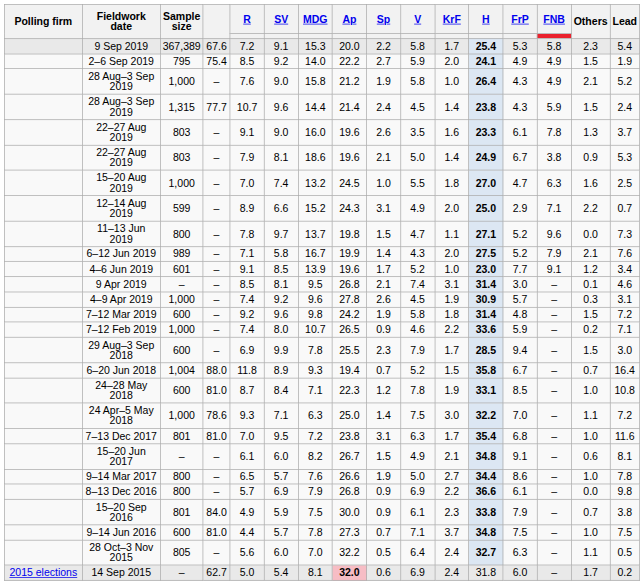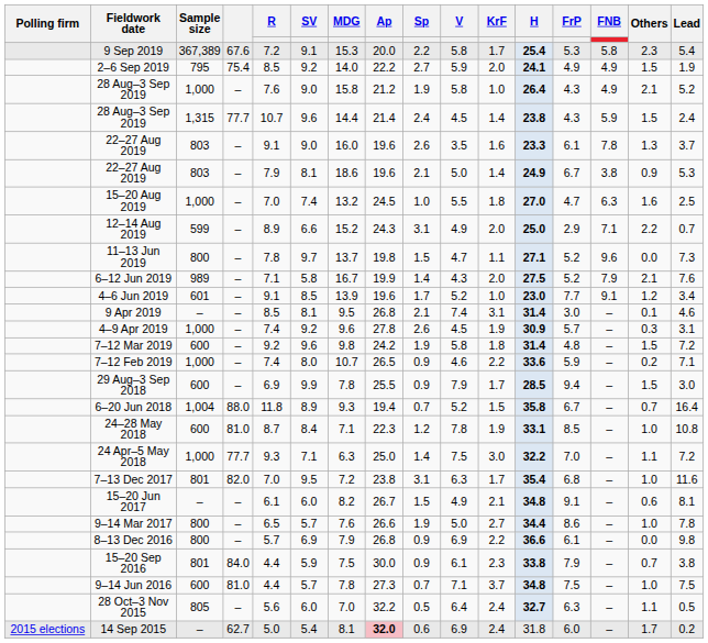 <table class="wikitable sortable" style="text-align:center;font-size:90%;line-height:14px;">
 <tr style="height:40px;">
 <th style="width:100px;" rowspan="2">Polling firm</th>
 <th style="width:100px;" rowspan="2">Fieldwork date</th>
 <th style="width:35px;" rowspan="2">Sample<br>size</th>
 <th style="width:30px;" rowspan="2"></th>
 <th class="unsortable" style="width:40px;"><a href='#'>R</a></th>
 <th class="unsortable" style="width:40px;"><a href='#'>SV</a></th>
 <th class="unsortable" style="width:40px;"><a href='#'>MDG</a></th>
 <th class="unsortable" style="width:40px;"><a href='#'>Ap</a></th>
 <th class="unsortable" style="width:40px;"><a href='#'>Sp</a></th>
 <th class="unsortable" style="width:40px;"><a href='#'>V</a></th>
 <th class="unsortable" style="width:40px;"><a href='#'>KrF</a></th>
 <th class="unsortable" style="width:40px;"><a href='#'>H</a></th>
 <th class="unsortable" style="width:40px;"><a href='#'>FrP</a></th>
 <th class="unsortable" style="width:40px;"><a href='#'>FNB</a></th>
 <th class="unsortable" style="width:30px;" rowspan="2">Others</th>
 <th style="width:30px;" rowspan="2">Lead</th>
 </tr>
 <tr>
 <th style="background:"></th>
 <th style="background:"></th>
 <th style="background:"></th>
 <th style="background:"></th>
 <th style="background:"></th>
 <th style="background:"></th>
 <th style="background:"></th>
 <th style="background:"></th>
 <th style="background:"></th>
 <th style="background:#EA212D;"></th>
 </tr>
 <tr style="background:#E9E9E9;">
 <td></td>
 <td data-sort-value="2019-09-09">9 Sep 2019</td>
 <td>367,389</td>
 <td>67.6</td>
 <td>7.2</td>
 <td>9.1</td>
 <td>15.3</td>
 <td>20.0</td>
 <td>2.2</td>
 <td>5.8</td>
 <td>1.7</td>
 <td style="background:#DCE7F3;"><strong>25.4</strong></td>
 <td>5.3</td>
 <td>5.8</td>
 <td>2.3</td>
 <td style="background:">5.4</td>
 </tr>
 <tr>
 <td></td>
 <td data-sort-value="2019-09-07">2–6 Sep 2019</td>
 <td>795</td>
 <td>75.4</td>
 <td>8.5</td>
 <td>9.2</td>
 <td>14.0</td>
 <td>22.2</td>
 <td>2.7</td>
 <td>5.9</td>
 <td>2.0</td>
 <td style="background:#DCE7F3;"><strong>24.1</strong></td>
 <td>4.9</td>
 <td>4.9</td>
 <td>1.5</td>
 <td style="background:">1.9</td>
 </tr>
 <tr>
 <td></td>
 <td data-sort-value="2019-09-05">28 Aug–3 Sep 2019</td>
 <td>1,000</td>
 <td>–</td>
 <td>7.6</td>
 <td>9.0</td>
 <td>15.8</td>
 <td>21.2</td>
 <td>1.9</td>
 <td>5.8</td>
 <td>1.0</td>
 <td style="background:#DCE7F3;"><strong>26.4</strong></td>
 <td>4.3</td>
 <td>4.9</td>
 <td>2.1</td>
 <td style="background:">5.2</td>
 </tr>
 <tr>
 <td></td>
 <td data-sort-value="2019-09-04">28 Aug–3 Sep 2019</td>
 <td>1,315</td>
 <td>77.7</td>
 <td>10.7</td>
 <td>9.6</td>
 <td>14.4</td>
 <td>21.4</td>
 <td>2.4</td>
 <td>4.5</td>
 <td>1.4</td>
 <td style="background:#DCE7F3;"><strong>23.8</strong></td>
 <td>4.3</td>
 <td>5.9</td>
 <td>1.5</td>
 <td style="background:">2.4</td>
 </tr>
 <tr>
 <td></td>
 <td data-sort-value="2019-08-28">22–27 Aug 2019</td>
 <td>803</td>
 <td>–</td>
 <td>9.1</td>
 <td>9.0</td>
 <td>16.0</td>
 <td>19.6</td>
 <td>2.6</td>
 <td>3.5</td>
 <td>1.6</td>
 <td style="background:#DCE7F3;"><strong>23.3</strong></td>
 <td>6.1</td>
 <td>7.8</td>
 <td>1.3</td>
 <td style="background:">3.7</td>
 </tr>
 <tr>
 <td></td>
 <td data-sort-value="2019-08-28">22–27 Aug 2019</td>
 <td>803</td>
 <td>–</td>
 <td>7.9</td>
 <td>8.1</td>
 <td>18.6</td>
 <td>19.6</td>
 <td>2.1</td>
 <td>5.0</td>
 <td>1.4</td>
 <td style="background:#DCE7F3;"><strong>24.9</strong></td>
 <td>6.7</td>
 <td>3.8</td>
 <td>0.9</td>
 <td style="background:">5.3</td>
 </tr>
 <tr>
 <td></td>
 <td data-sort-value="2019-08-23">15–20 Aug 2019</td>
 <td>1,000</td>
 <td>–</td>
 <td>7.0</td>
 <td>7.4</td>
 <td>13.2</td>
 <td>24.5</td>
 <td>1.0</td>
 <td>5.5</td>
 <td>1.8</td>
 <td style="background:#DCE7F3;"><strong>27.0</strong></td>
 <td>4.7</td>
 <td>6.3</td>
 <td>1.6</td>
 <td style="background:">2.5</td>
 </tr>
 <tr>
 <td></td>
 <td data-sort-value="2019-08-19">12–14 Aug 2019</td>
 <td>599</td>
 <td>–</td>
 <td>8.9</td>
 <td>6.6</td>
 <td>15.2</td>
 <td>24.3</td>
 <td>3.1</td>
 <td>4.9</td>
 <td>2.0</td>
 <td style="background:#DCE7F3;"><strong>25.0</strong></td>
 <td>2.9</td>
 <td>7.1</td>
 <td>2.2</td>
 <td style="background:">0.7</td>
 </tr>
 <tr>
 <td></td>
 <td data-sort-value="2019-06-13">11–13 Jun 2019</td>
 <td>800</td>
 <td>–</td>
 <td>7.8</td>
 <td>9.7</td>
 <td>13.7</td>
 <td>19.8</td>
 <td>1.5</td>
 <td>4.7</td>
 <td>1.1</td>
 <td style="background:#DCE7F3;"><strong>27.1</strong></td>
 <td>5.2</td>
 <td>9.6</td>
 <td>0.0</td>
 <td style="background:">7.3</td>
 </tr>
 <tr>
 <td></td>
 <td data-sort-value="2019-06-12">6–12 Jun 2019</td>
 <td>989</td>
 <td>–</td>
 <td>7.1</td>
 <td>5.8</td>
 <td>16.7</td>
 <td>19.9</td>
 <td>1.4</td>
 <td>4.3</td>
 <td>2.0</td>
 <td style="background:#DCE7F3;"><strong>27.5</strong></td>
 <td>5.2</td>
 <td>7.9</td>
 <td>2.1</td>
 <td style="background:">7.6</td>
 </tr>
 <tr>
 <td></td>
 <td data-sort-value="2019-06-06">4–6 Jun 2019</td>
 <td>601</td>
 <td>–</td>
 <td>9.1</td>
 <td>8.5</td>
 <td>13.9</td>
 <td>19.6</td>
 <td>1.7</td>
 <td>5.2</td>
 <td>1.0</td>
 <td style="background:#DCE7F3;"><strong>23.0</strong></td>
 <td>7.7</td>
 <td>9.1</td>
 <td>1.2</td>
 <td style="background:">3.4</td>
 </tr>
 <tr>
 <td></td>
 <td data-sort-value="2019-04-09">9 Apr 2019</td>
 <td>–</td>
 <td>–</td>
 <td>8.5</td>
 <td>8.1</td>
 <td>9.5</td>
 <td>26.8</td>
 <td>2.1</td>
 <td>7.4</td>
 <td>3.1</td>
 <td style="background:#DCE7F3;"><strong>31.4</strong></td>
 <td>3.0</td>
 <td>–</td>
 <td>0.1</td>
 <td style="background:">4.6</td>
 </tr>
 <tr>
 <td></td>
 <td data-sort-value="2019-04-09">4–9 Apr 2019</td>
 <td>1,000</td>
 <td>–</td>
 <td>7.4</td>
 <td>9.2</td>
 <td>9.6</td>
 <td>27.8</td>
 <td>2.6</td>
 <td>4.5</td>
 <td>1.9</td>
 <td style="background:#DCE7F3;"><strong>30.9</strong></td>
 <td>5.7</td>
 <td>–</td>
 <td>0.3</td>
 <td style="background:">3.1</td>
 </tr>
 <tr>
 <td></td>
 <td data-sort-value="2019-03-12">7–12 Mar 2019</td>
 <td>600</td>
 <td>–</td>
 <td>9.2</td>
 <td>9.6</td>
 <td>9.8</td>
 <td>24.2</td>
 <td>1.9</td>
 <td>5.8</td>
 <td>1.8</td>
 <td style="background:#DCE7F3;"><strong>31.4</strong></td>
 <td>4.8</td>
 <td>–</td>
 <td>1.5</td>
 <td style="background:">7.2</td>
 </tr>
 <tr>
 <td></td>
 <td data-sort-value="2019-02-12">7–12 Feb 2019</td>
 <td>1,000</td>
 <td>–</td>
 <td>7.4</td>
 <td>8.0</td>
 <td>10.7</td>
 <td>26.5</td>
 <td>0.9</td>
 <td>4.6</td>
 <td>2.2</td>
 <td style="background:#DCE7F3;"><strong>33.6</strong></td>
 <td>5.9</td>
 <td>–</td>
 <td>0.2</td>
 <td style="background:">7.1</td>
 </tr>
 <tr>
 <td></td>
 <td data-sort-value="2018-09-03">29 Aug–3 Sep 2018</td>
 <td>600</td>
 <td>–</td>
 <td>6.9</td>
 <td>9.9</td>
 <td>7.8</td>
 <td>25.5</td>
-<td>2.3</td>
+<td>0.9</td>
 <td>7.9</td>
 <td>1.7</td>
 <td style="background:#DCE7F3;"><strong>28.5</strong></td>
 <td>9.4</td>
 <td>–</td>
 <td>1.5</td>
 <td style="background:">3.0</td>
 </tr>
 <tr>
 <td></td>
 <td data-sort-value="2018-06-20">6–20 Jun 2018</td>
 <td>1,004</td>
 <td>88.0</td>
 <td>11.8</td>
 <td>8.9</td>
 <td>9.3</td>
 <td>19.4</td>
 <td>0.7</td>
 <td>5.2</td>
 <td>1.5</td>
 <td style="background:#DCE7F3;"><strong>35.8</strong></td>
 <td>6.7</td>
 <td>–</td>
 <td>0.7</td>
 <td style="background:">16.4</td>
 </tr>
 <tr>
 <td></td>
 <td data-sort-value="2018-05-28">24–28 May 2018</td>
 <td>600</td>
 <td>81.0</td>
 <td>8.7</td>
 <td>8.4</td>
 <td>7.1</td>
 <td>22.3</td>
 <td>1.2</td>
 <td>7.8</td>
 <td>1.9</td>
 <td style="background:#DCE7F3;"><strong>33.1</strong></td>
 <td>8.5</td>
 <td>–</td>
 <td>1.0</td>
 <td style="background:">10.8</td>
 </tr>
 <tr>
 <td></td>
 <td data-sort-value="2018-05-05">24 Apr–5 May 2018</td>
 <td>1,000</td>
-<td>78.6</td>
+<td>77.7</td>
 <td>9.3</td>
 <td>7.1</td>
 <td>6.3</td>
 <td>25.0</td>
 <td>1.4</td>
 <td>7.5</td>
 <td>3.0</td>
 <td style="background:#DCE7F3;"><strong>32.2</strong></td>
 <td>7.0</td>
 <td>–</td>
 <td>1.1</td>
 <td style="background:">7.2</td>
 </tr>
 <tr>
 <td></td>
 <td data-sort-value="2017-12-13">7–13 Dec 2017</td>
 <td>801</td>
-<td>81.0</td>
+<td>82.0</td>
 <td>7.0</td>
 <td>9.5</td>
 <td>7.2</td>
 <td>23.8</td>
 <td>3.1</td>
 <td>6.3</td>
 <td>1.7</td>
 <td style="background:#DCE7F3;"><strong>35.4</strong></td>
 <td>6.8</td>
 <td>–</td>
 <td>1.0</td>
 <td style="background:">11.6</td>
 </tr>
 <tr>
 <td></td>
 <td data-sort-value="2017-06-20">15–20 Jun 2017</td>
 <td>–</td>
 <td>–</td>
 <td>6.1</td>
 <td>6.0</td>
 <td>8.2</td>
 <td>26.7</td>
 <td>1.5</td>
 <td>4.9</td>
 <td>2.1</td>
 <td style="background:#DCE7F3;"><strong>34.8</strong></td>
 <td>9.1</td>
 <td>–</td>
 <td>0.6</td>
 <td style="background:">8.1</td>
 </tr>
 <tr>
 <td></td>
 <td data-sort-value="2017-03-14">9–14 Mar 2017</td>
 <td>800</td>
 <td>–</td>
 <td>6.5</td>
 <td>5.7</td>
 <td>7.6</td>
 <td>26.6</td>
 <td>1.9</td>
 <td>5.0</td>
 <td>2.7</td>
 <td style="background:#DCE7F3;"><strong>34.4</strong></td>
 <td>8.6</td>
 <td>–</td>
 <td>1.0</td>
 <td style="background:">7.8</td>
 </tr>
 <tr>
 <td></td>
 <td data-sort-value="2016-12-13">8–13 Dec 2016</td>
 <td>800</td>
 <td>–</td>
 <td>5.7</td>
 <td>6.9</td>
 <td>7.9</td>
 <td>26.8</td>
 <td>0.9</td>
 <td>6.9</td>
 <td>2.2</td>
 <td style="background:#DCE7F3;"><strong>36.6</strong></td>
 <td>6.1</td>
 <td>–</td>
 <td>0.0</td>
 <td style="background:">9.8</td>
 </tr>
 <tr>
 <td></td>
 <td data-sort-value="2016-09-20">15–20 Sep 2016</td>
 <td>801</td>
 <td>84.0</td>
-<td>4.9</td>
+<td>4.4</td>
 <td>5.9</td>
 <td>7.5</td>
 <td>30.0</td>
 <td>0.9</td>
 <td>6.1</td>
 <td>2.3</td>
 <td style="background:#DCE7F3;"><strong>33.8</strong></td>
 <td>7.9</td>
 <td>–</td>
 <td>0.7</td>
 <td style="background:">3.8</td>
 </tr>
 <tr>
 <td></td>
 <td data-sort-value="2016-06-14">9–14 Jun 2016</td>
 <td>600</td>
 <td>81.0</td>
 <td>4.4</td>
 <td>5.7</td>
 <td>7.8</td>
 <td>27.3</td>
 <td>0.7</td>
 <td>7.1</td>
 <td>3.7</td>
 <td style="background:#DCE7F3;"><strong>34.8</strong></td>
 <td>7.5</td>
 <td>–</td>
 <td>1.0</td>
 <td style="background:">7.5</td>
 </tr>
 <tr>
 <td></td>
 <td data-sort-value="2015-11-03">28 Oct–3 Nov 2015</td>
 <td>805</td>
 <td>–</td>
 <td>5.6</td>
 <td>6.0</td>
 <td>7.0</td>
 <td>32.2</td>
 <td>0.5</td>
 <td>6.4</td>
 <td>2.4</td>
 <td style="background:#DCE7F3;"><strong>32.7</strong></td>
 <td>6.3</td>
 <td>–</td>
 <td>1.1</td>
 <td style="background:">0.5</td>
 </tr>
 <tr style="background:#E9E9E9;">
 <td><a href='#'>2015 elections</a></td>
 <td data-sort-value="2015-09-14">14 Sep 2015</td>
 <td>–</td>
 <td>62.7</td>
 <td>5.0</td>
 <td>5.4</td>
 <td>8.1</td>
 <td style="background:#F7BDC5;"><strong>32.0</strong></td>
 <td>0.6</td>
 <td>6.9</td>
 <td>2.4</td>
 <td>31.8</td>
 <td>6.0</td>
 <td>–</td>
 <td>1.7</td>
 <td style="background:">0.2</td>
 </tr>
 </table>
